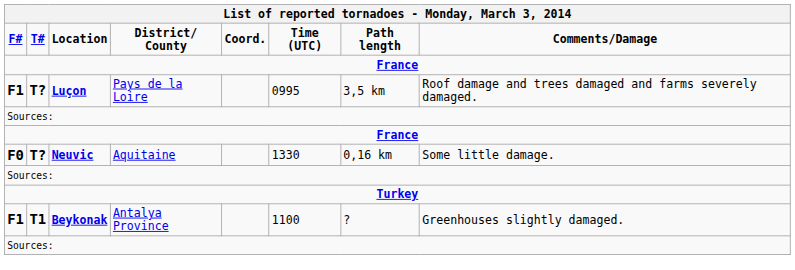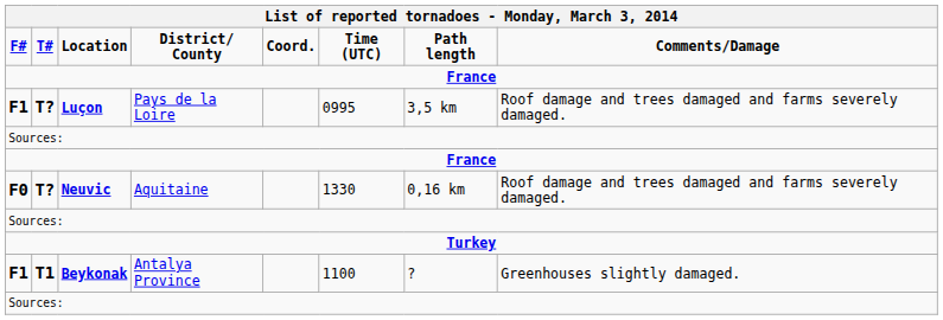 <table class="wikitable collapsible" width="100%">
 <tr>
 <th colspan="8">List of reported tornadoes - Monday, March 3, 2014</th>
 </tr>
 <tr>
 <td style="text-align: center;"><strong><a href='#'>F#</a></strong></td>
 <td style="text-align: center;"><strong><a href='#'>T#</a></strong></td>
 <td style="text-align: center;"><strong>Location</strong></td>
 <td style="text-align: center;"><strong>District/<br>County</strong></td>
 <td style="text-align: center;"><strong>Coord.</strong></td>
 <td style="text-align: center;"><strong>Time (UTC)</strong></td>
 <td style="text-align: center;"><strong>Path length</strong></td>
 <td style="text-align: center;"><strong>Comments/Damage</strong></td>
 </tr>
 <tr>
 <td colspan="8" align=center><strong><a href='#'>France</a></strong></td>
 </tr>
 <tr>
 <td><big><strong>F1</strong></big></td>
 <td><big><strong>T?</strong></big></td>
 <td><strong><a href='#'>Luçon</a></strong></td>
 <td><a href='#'>Pays de la Loire</a></td>
 <td></td>
 <td>0995</td>
 <td>3,5 km</td>
 <td>Roof damage and trees damaged and farms severely damaged.</td>
 </tr>
 <tr>
 <td colspan="8"><small>Sources:</small></td>
 </tr>
 <tr>
 <td colspan="8" align=center><strong><a href='#'>France</a></strong></td>
 </tr>
 <tr>
 <td><big><strong>F0</strong></big></td>
 <td><big><strong>T?</strong></big></td>
 <td><strong><a href='#'>Neuvic</a></strong></td>
 <td><a href='#'>Aquitaine</a></td>
 <td></td>
 <td>1330</td>
 <td>0,16 km</td>
-<td>Some little damage.</td>
+<td>Roof damage and trees damaged and farms severely damaged.</td>
 </tr>
 <tr>
 <td colspan="8"><small>Sources:</small></td>
 </tr>
 <tr>
 <td colspan="8" align=center><strong><a href='#'>Turkey</a></strong></td>
 </tr>
 <tr>
 <td><big><strong>F1</strong></big></td>
 <td><big><strong>T1</strong></big></td>
 <td><strong><a href='#'>Beykonak</a></strong></td>
 <td><a href='#'>Antalya Province</a></td>
 <td></td>
 <td>1100</td>
 <td>?</td>
 <td>Greenhouses slightly damaged.</td>
 </tr>
 <tr>
 <td colspan="8"><small>Sources:</small></td>
 </tr>
 </table>
